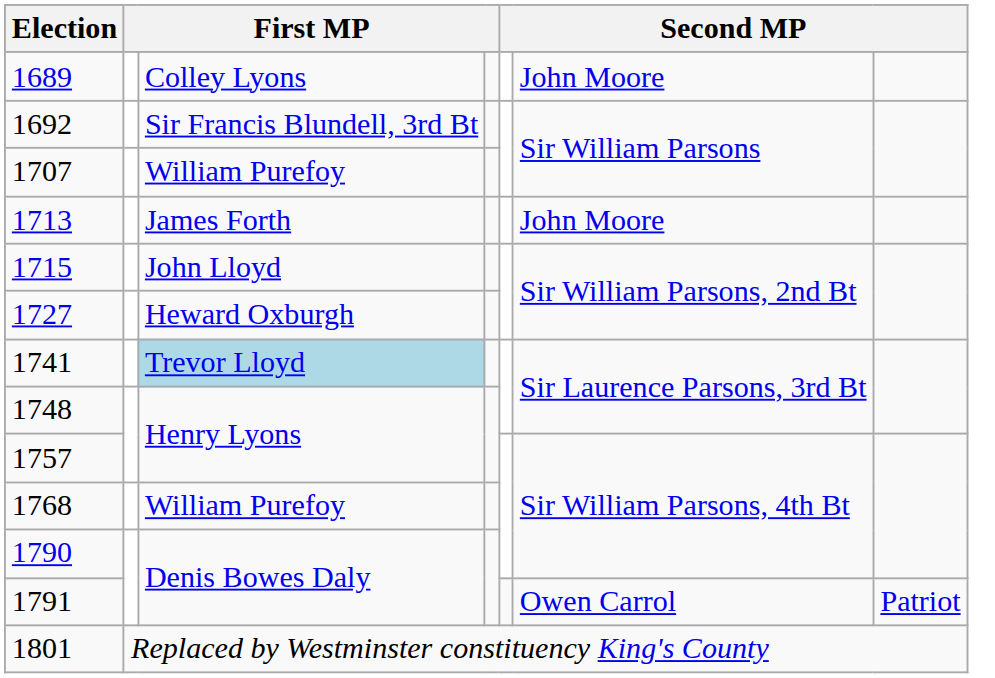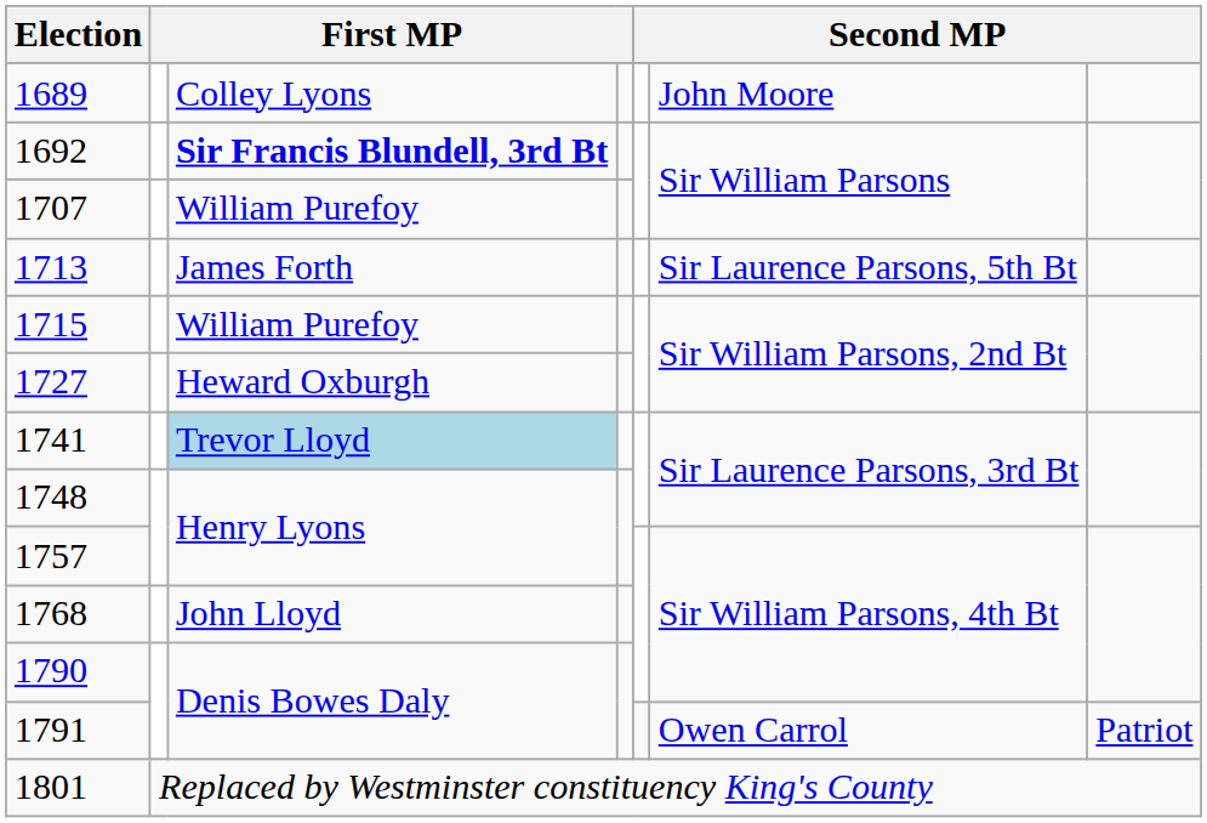 <table class="wikitable">
 <tr>
 <th>Election</th>
 <th colspan=3>First MP</th>
 <th colspan=3>Second MP</th>
 </tr>
 <tr>
 <td><a href='#'>1689</a></td>
 <td style="background-color: white"></td>
 <td><a href='#'>Colley Lyons</a></td>
 <td></td>
 <td style="background-color: white"></td>
 <td><a href='#'>John Moore</a></td>
 <td></td>
 </tr>
 <tr>
 <td>1692</td>
 <td style="background-color: white"></td>
-<td><a href='#'>Sir Francis Blundell, 3rd Bt</a></td>
+<td><strong><a href='#'>Sir Francis Blundell, 3rd Bt</a></strong></td>
 <td></td>
 <td rowspan="2" style="background-color: white"></td>
 <td rowspan="2"><a href='#'>Sir William Parsons</a> </td>
 <td rowspan="2"></td>
 </tr>
 <tr>
 <td>1707</td>
 <td style="background-color: white"></td>
 <td><a href='#'>William Purefoy</a></td>
 <td></td>
 </tr>
 <tr>
 <td><a href='#'>1713</a></td>
 <td style="background-color: white"></td>
 <td><a href='#'>James Forth</a></td>
 <td></td>
 <td style="background-color: white"></td>
-<td><a href='#'>John Moore</a></td>
+<td><a href='#'>Sir Laurence Parsons, 5th Bt</a></td>
 <td></td>
 </tr>
 <tr>
 <td><a href='#'>1715</a></td>
 <td style="background-color: white"></td>
-<td><a href='#'>John Lloyd</a></td>
+<td><a href='#'>William Purefoy</a></td>
 <td></td>
 <td rowspan="2" style="background-color: white"></td>
 <td rowspan="2"><a href='#'>Sir William Parsons, 2nd Bt</a></td>
 <td rowspan="2"></td>
 </tr>
 <tr>
 <td><a href='#'>1727</a></td>
 <td style="background-color: white"></td>
 <td><a href='#'>Heward Oxburgh</a></td>
 <td></td>
 </tr>
 <tr>
 <td>1741</td>
 <td style="background-color: white"></td>
 <td style="background: lightblue;"><a href='#'>Trevor Lloyd</a></td>
 <td></td>
 <td rowspan="2" style="background-color: white"></td>
 <td rowspan="2"><a href='#'>Sir Laurence Parsons, 3rd Bt</a></td>
 <td rowspan="2"></td>
 </tr>
 <tr>
 <td>1748</td>
 <td rowspan="2" style="background-color: white"></td>
 <td rowspan="2"><a href='#'>Henry Lyons</a></td>
 <td rowspan="2"></td>
 </tr>
 <tr>
 <td>1757</td>
 <td rowspan="3" style="background-color: white"></td>
 <td rowspan="3"><a href='#'>Sir William Parsons, 4th Bt</a></td>
 <td rowspan="3"></td>
 </tr>
 <tr>
 <td>1768</td>
 <td style="background-color: white"></td>
-<td><a href='#'>William Purefoy</a></td>
+<td><a href='#'>John Lloyd</a></td>
 <td></td>
 </tr>
 <tr>
 <td><a href='#'>1790</a></td>
 <td rowspan="2" style="background-color: white"></td>
 <td rowspan="2"><a href='#'>Denis Bowes Daly</a></td>
 <td rowspan="2"></td>
 </tr>
 <tr>
 <td>1791</td>
 <td style="background-color: "></td>
 <td><a href='#'>Owen Carrol</a></td>
 <td><a href='#'>Patriot</a></td>
 </tr>
 <tr>
 <td>1801</td>
 <td colspan= "6"><em>Replaced by Westminster constituency <a href='#'>King's County</a></em></td>
 </tr>
 </table>
